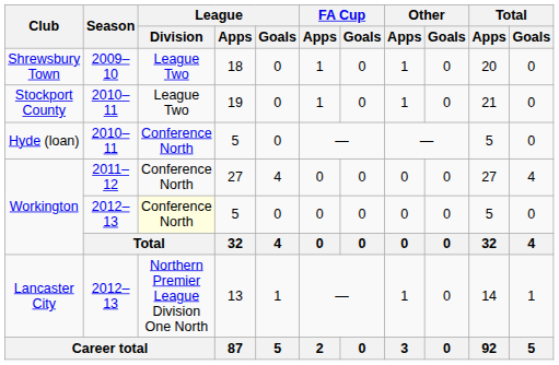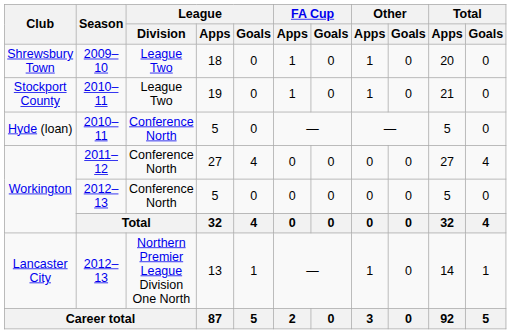 <table class="wikitable" style="text-align: center;">
 <tr>
 <th rowspan="2">Club</th>
 <th rowspan="2">Season</th>
 <th colspan="3">League</th>
 <th colspan="2"><a href='#'>FA Cup</a></th>
 <th colspan="2">Other</th>
 <th colspan="2">Total</th>
 </tr>
 <tr>
 <th>Division</th>
 <th>Apps</th>
 <th>Goals</th>
 <th>Apps</th>
 <th>Goals</th>
 <th>Apps</th>
 <th>Goals</th>
 <th>Apps</th>
 <th>Goals</th>
 </tr>
 <tr>
 <td rowspan="1" valign="center"><a href='#'>Shrewsbury Town</a></td>
 <td><a href='#'>2009–10</a></td>
 <td><a href='#'>League Two</a></td>
 <td>18</td>
 <td>0</td>
 <td>1</td>
 <td>0</td>
 <td>1</td>
 <td>0</td>
 <td>20</td>
 <td>0</td>
 </tr>
 <tr>
 <td rowspan="1" valign="center"><a href='#'>Stockport County</a></td>
 <td><a href='#'>2010–11</a></td>
 <td>League Two</td>
 <td>19</td>
 <td>0</td>
 <td>1</td>
 <td>0</td>
 <td>1</td>
 <td>0</td>
 <td>21</td>
 <td>0</td>
 </tr>
 <tr>
 <td rowspan="1" valign="center"><a href='#'>Hyde</a> (loan)</td>
 <td><a href='#'>2010–11</a></td>
 <td><a href='#'>Conference North</a></td>
 <td>5</td>
 <td>0</td>
 <td colspan="2">—</td>
 <td colspan="2">—</td>
 <td>5</td>
 <td>0</td>
 </tr>
 <tr>
 <td rowspan="3" valign="center"><a href='#'>Workington</a></td>
 <td><a href='#'>2011–12</a></td>
 <td>Conference North</td>
 <td>27</td>
 <td>4</td>
 <td>0</td>
 <td>0</td>
 <td>0</td>
 <td>0</td>
 <td>27</td>
 <td>4</td>
 </tr>
 <tr>
 <td><a href='#'>2012–13</a></td>
-<td style="background: lightyellow;">Conference North</td>
+<td>Conference North</td>
 <td>5</td>
 <td>0</td>
 <td>0</td>
 <td>0</td>
 <td>0</td>
 <td>0</td>
 <td>5</td>
 <td>0</td>
 </tr>
 <tr>
 <th colspan="2">Total</th>
 <th>32</th>
 <th>4</th>
 <th>0</th>
 <th>0</th>
 <th>0</th>
 <th>0</th>
 <th>32</th>
 <th>4</th>
 </tr>
 <tr>
 <td><a href='#'>Lancaster City</a></td>
 <td><a href='#'>2012–13</a></td>
 <td><a href='#'>Northern Premier League</a> Division One North</td>
 <td>13</td>
 <td>1</td>
 <td colspan="2">—</td>
 <td>1</td>
 <td>0</td>
 <td>14</td>
 <td>1</td>
 </tr>
 <tr>
 <th colspan="3">Career total</th>
 <th>87</th>
 <th>5</th>
 <th>2</th>
 <th>0</th>
 <th>3</th>
 <th>0</th>
 <th>92</th>
 <th>5</th>
 </tr>
 </table>
